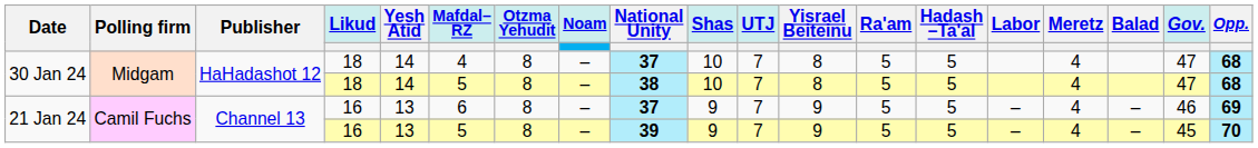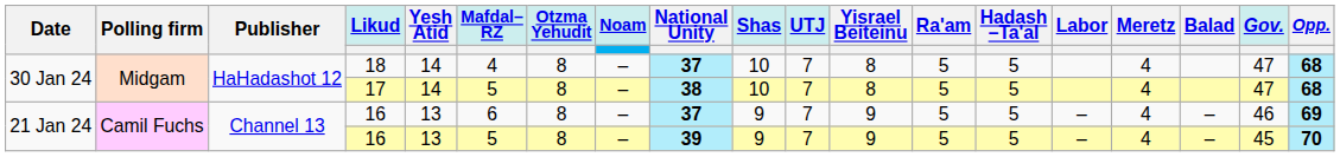 <table class="wikitable sortable" style=text-align:center;font-size:90%;line-height:12px>
 <tr>
 <th rowspan=2>Date</th>
 <th rowspan=2>Polling firm</th>
 <th rowspan=2>Publisher</th>
 <th style=background:#cee><a href='#'>Likud</a></th>
 <th><a href='#'>Yesh<br>Atid</a></th>
 <th style=background:#cee;font-size:90%><a href='#'>Mafdal–<br>RZ</a></th>
 <th style=background:#cee;font-size:90%><a href='#'>Otzma<br>Yehudit</a></th>
 <th style=background:#cee;font-size:90%><a href='#'>Noam</a></th>
 <th><a href='#'>National<br>Unity</a></th>
 <th style=background:#cee><a href='#'>Shas</a></th>
 <th style=background:#cee><a href='#'>UTJ</a></th>
 <th><a href='#'>Yisrael<br>Beiteinu</a></th>
 <th><a href='#'>Ra'am</a></th>
 <th><a href='#'>Hadash<br>–Ta'al</a></th>
 <th><a href='#'>Labor</a></th>
 <th><a href='#'>Meretz</a></th>
 <th><a href='#'>Balad</a></th>
 <th style=background:#cee><a href='#'><em>Gov.</em></a></th>
 <th style=font-size:90%><a href='#'><em>Opp.</em></a></th>
 </tr>
 <tr>
 <th style=background:></th>
 <th style=background:></th>
 <th style=background:></th>
 <th style=background:></th>
 <th style=background:#01AFF0></th>
 <th style=background:></th>
 <th style=background:></th>
 <th style=background:></th>
 <th style=background:></th>
 <th style=background:></th>
 <th style=background:></th>
 <th style=background:></th>
 <th style=background:></th>
 <th style=background:></th>
 <th style=background:></th>
 <th style=background:></th>
 </tr>
 <tr>
 <td rowspan=2 data-sort-value=2024-01-30>30 Jan 24</td>
 <td rowspan=2 style=background:#FFDFCC>Midgam</td>
 <td rowspan=2><a href='#'>HaHadashot 12</a></td>
 <td>18					</td>
 <td>14					</td>
 <td>4					</td>
 <td>8					</td>
 <td>–					</td>
 <td style=background:#B2EDFB><strong>37</strong>	</td>
 <td>10					</td>
 <td>7					</td>
 <td>8					</td>
 <td>5					</td>
 <td>5					</td>
 <td>	</td>
 <td>4					</td>
 <td>	</td>
 <td>47					</td>
 <td style=background:#B2EDFB><strong>68</strong>	</td>
 </tr>
 <tr style=background:#fffdb0>
-<td>18					</td>
+<td>17					</td>
 <td>14					</td>
 <td>5					</td>
 <td>8					</td>
 <td>–					</td>
 <td style=background:#B2EDFB><strong>38</strong>	</td>
 <td>10					</td>
 <td>7					</td>
 <td>8					</td>
 <td>5					</td>
 <td>5					</td>
 <td>	</td>
 <td>4					</td>
 <td>	</td>
 <td>47					</td>
 <td style=background:#B2EDFB><strong>68</strong>	</td>
 </tr>
 <tr>
 <td rowspan=2 data-sort-value=2024-01-21>21 Jan 24</td>
 <td rowspan=2 style=background:#FFCCFF>Camil Fuchs</td>
 <td rowspan=2><a href='#'>Channel 13</a></td>
 <td>16					</td>
 <td>13					</td>
 <td>6					</td>
 <td>8					</td>
 <td>–					</td>
 <td style=background:#B2EDFB><strong>37</strong>	</td>
 <td>9					</td>
 <td>7					</td>
 <td>9					</td>
 <td>5					</td>
 <td>5					</td>
 <td>–					</td>
 <td>4					</td>
 <td>–					</td>
 <td>46					</td>
 <td style=background:#B2EDFB><strong>69</strong>	</td>
 </tr>
 <tr style=background:#fffdb0>
 <td>16					</td>
 <td>13					</td>
 <td>5					</td>
 <td>8					</td>
 <td>–					</td>
 <td style=background:#B2EDFB><strong>39</strong>	</td>
 <td>9					</td>
 <td>7					</td>
 <td>9					</td>
 <td>5					</td>
 <td>5					</td>
 <td>–					</td>
 <td>4					</td>
 <td>–					</td>
 <td>45					</td>
 <td style=background:#B2EDFB><strong>70</strong>	</td>
 </tr>
 </table>
